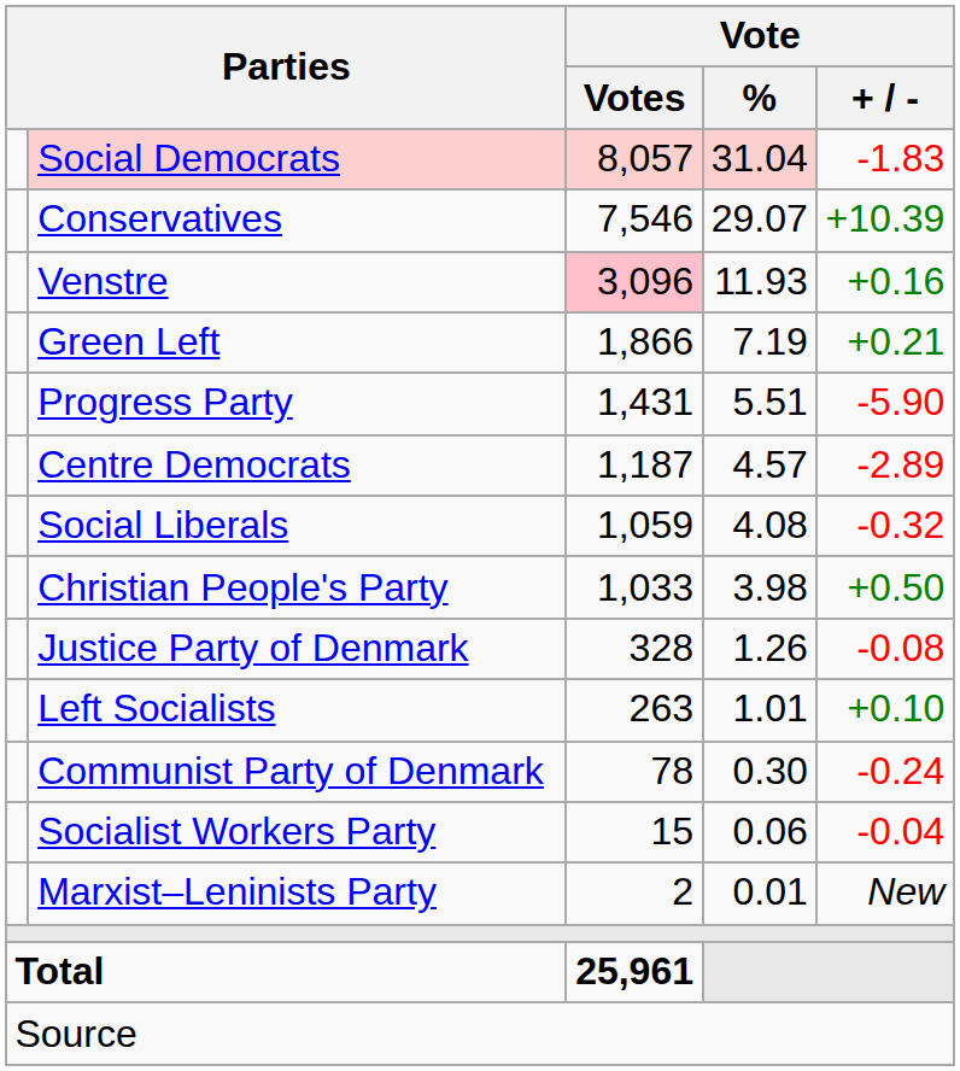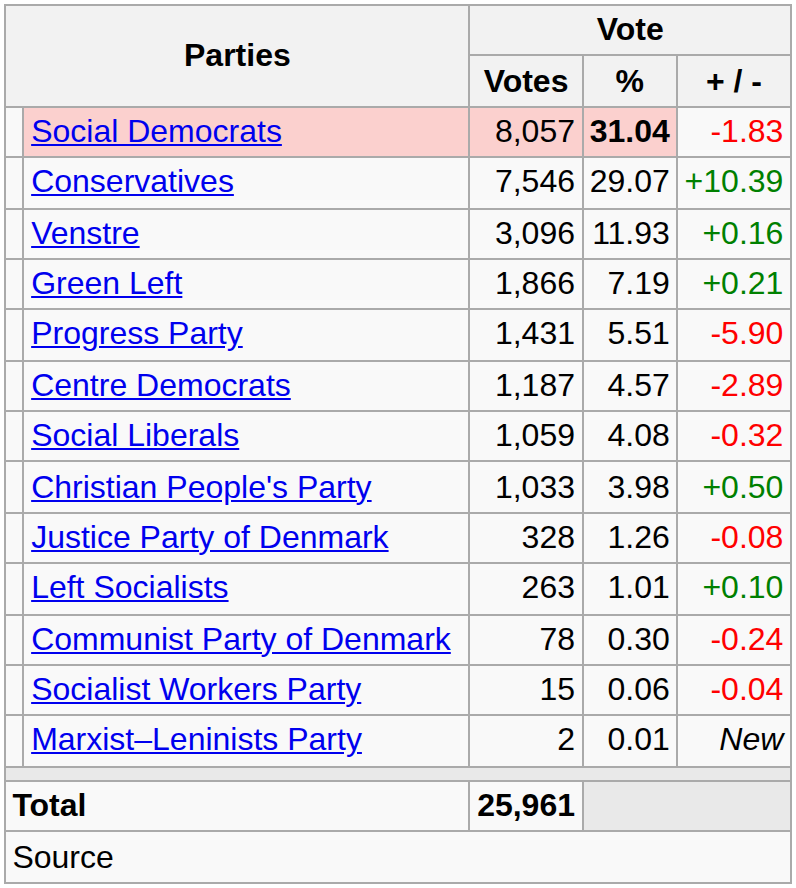 <table class="wikitable" style="text-align:right;">
 <tr>
 <th style="text-align:centre;" rowspan="2" colspan="2" width="225">Parties</th>
 <th colspan="3">Vote</th>
 </tr>
 <tr>
 <th width="15">Votes</th>
 <th width="15">%</th>
 <th width="15">+ / -</th>
 </tr>
 <tr>
 <td width="2" style="color:inherit;background:"></td>
 <td bgcolor=#fbd0ce  align="left"><a href='#'>Social Democrats</a></td>
 <td bgcolor=#fbd0ce>8,057</td>
-<td bgcolor=#fbd0ce>31.04</td>
+<td bgcolor=#fbd0ce><strong>31.04</strong></td>
 <td style=color:red;>-1.83</td>
 </tr>
 <tr>
 <td width="2" style="color:inherit;background:"></td>
 <td align="left"><a href='#'>Conservatives</a></td>
 <td>7,546</td>
 <td>29.07</td>
 <td style=color:green;>+10.39</td>
 </tr>
 <tr>
 <td width="2" style="color:inherit;background:"></td>
 <td align="left"><a href='#'>Venstre</a></td>
-<td style="background: pink;">3,096</td>
+<td>3,096</td>
 <td>11.93</td>
 <td style=color:green;>+0.16</td>
 </tr>
 <tr>
 <td width="2" style="color:inherit;background:"></td>
 <td align="left"><a href='#'>Green Left</a></td>
 <td>1,866</td>
 <td>7.19</td>
 <td style=color:green;>+0.21</td>
 </tr>
 <tr>
 <td width="2" style="color:inherit;background:"></td>
 <td align="left"><a href='#'>Progress Party</a></td>
 <td>1,431</td>
 <td>5.51</td>
 <td style=color:red;>-5.90</td>
 </tr>
 <tr>
 <td width="2" style="color:inherit;background:"></td>
 <td align="left"><a href='#'>Centre Democrats</a></td>
 <td>1,187</td>
 <td>4.57</td>
 <td style=color:red;>-2.89</td>
 </tr>
 <tr>
 <td width="2" style="color:inherit;background:"></td>
 <td align="left"><a href='#'>Social Liberals</a></td>
 <td>1,059</td>
 <td>4.08</td>
 <td style=color:red;>-0.32</td>
 </tr>
 <tr>
 <td width="2" style="color:inherit;background:"></td>
 <td align="left"><a href='#'>Christian People's Party</a></td>
 <td>1,033</td>
 <td>3.98</td>
 <td style=color:green;>+0.50</td>
 </tr>
 <tr>
 <td width="2" style="color:inherit;background:"></td>
 <td align="left"><a href='#'>Justice Party of Denmark</a></td>
 <td>328</td>
 <td>1.26</td>
 <td style=color:red;>-0.08</td>
 </tr>
 <tr>
 <td width="2" style="color:inherit;background:"></td>
 <td align="left"><a href='#'>Left Socialists</a></td>
 <td>263</td>
 <td>1.01</td>
 <td style=color:green;>+0.10</td>
 </tr>
 <tr>
 <td width="2" style="color:inherit;background:"></td>
 <td align="left"><a href='#'>Communist Party of Denmark</a></td>
 <td>78</td>
 <td>0.30</td>
 <td style=color:red;>-0.24</td>
 </tr>
 <tr>
 <td width="2" style="color:inherit;background:"></td>
 <td align="left"><a href='#'>Socialist Workers Party</a></td>
 <td>15</td>
 <td>0.06</td>
 <td style=color:red;>-0.04</td>
 </tr>
 <tr>
 <td width="2" style="color:inherit;background:"></td>
 <td align="left"><a href='#'>Marxist–Leninists Party</a></td>
 <td>2</td>
 <td>0.01</td>
 <td><em>New</em></td>
 </tr>
 <tr>
 <td colspan="7" bgcolor="#E9E9E9"></td>
 </tr>
 <tr>
 <td align="left" colspan="2"><strong>Total</strong></td>
 <td><strong>25,961</strong></td>
 <td bgcolor="#E9E9E9" colspan="2"></td>
 </tr>
 <tr>
 <td align="left" colspan="6">Source</td>
 </tr>
 </table>
